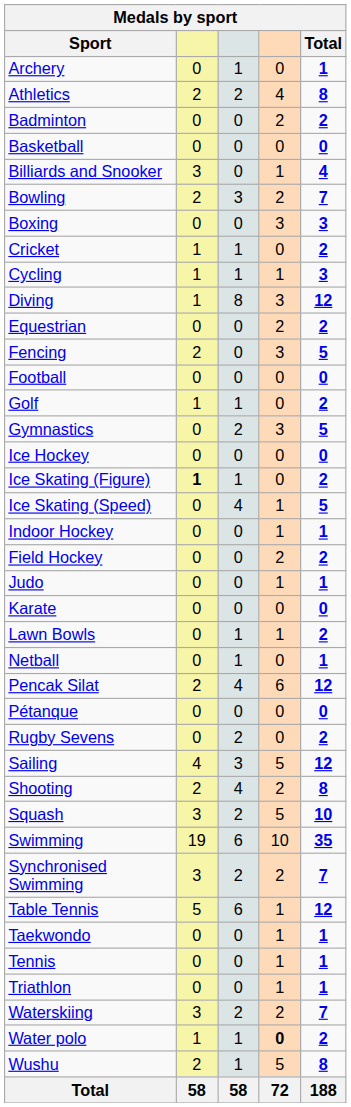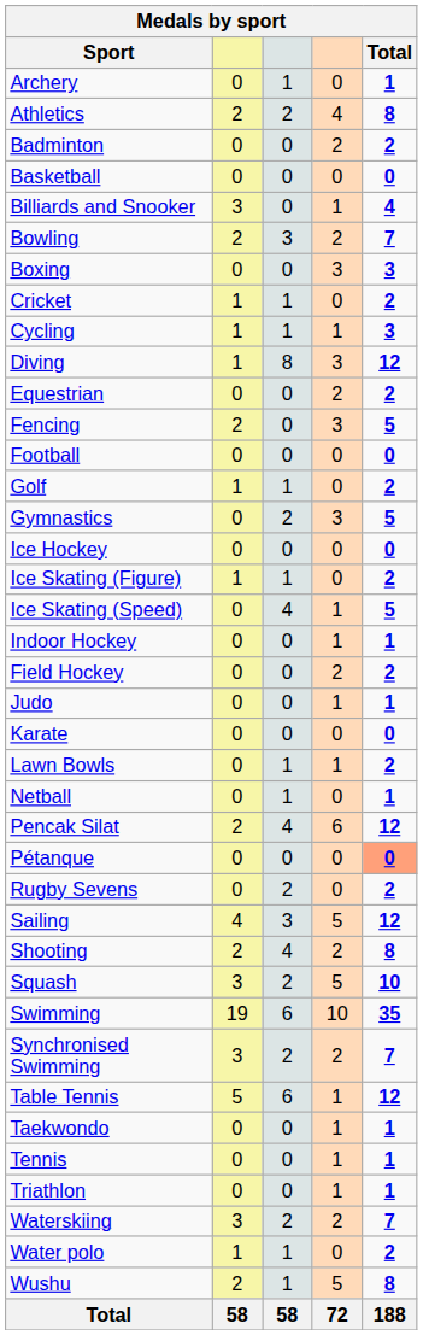 <table class="wikitable" style="font-size:90%; text-align:center;">
 <tr>
 <th colspan=5>Medals by sport</th>
 </tr>
 <tr>
 <th width=145>Sport</th>
 <th width=30 style="background:#F7F6A8;"></th>
 <th width=30 style="background:#DCE5E5;"></th>
 <th width=30 style="background:#FFDAB9;"></th>
 <th width=30>Total</th>
 </tr>
 <tr>
 <td align=left><a href='#'>Archery</a></td>
 <td style="background:#F7F6A8;">0</td>
 <td style="background:#DCE5E5;">1</td>
 <td style="background:#FFDAB9;">0</td>
 <td><strong> <a href='#'>1</a>  </strong></td>
 </tr>
 <tr>
 <td align=left><a href='#'>Athletics</a></td>
 <td style="background:#F7F6A8;">2</td>
 <td style="background:#DCE5E5;">2</td>
 <td style="background:#FFDAB9;">4</td>
 <td><strong> <a href='#'>8</a>  </strong></td>
 </tr>
 <tr>
 <td align=left><a href='#'>Badminton</a></td>
 <td style="background:#F7F6A8;">0</td>
 <td style="background:#DCE5E5;">0</td>
 <td style="background:#FFDAB9;">2</td>
 <td><strong> <a href='#'>2</a>  </strong></td>
 </tr>
 <tr>
 <td align=left><a href='#'>Basketball</a></td>
 <td style="background:#F7F6A8;">0</td>
 <td style="background:#DCE5E5;">0</td>
 <td style="background:#FFDAB9;">0</td>
 <td><strong> <a href='#'>0</a>  </strong></td>
 </tr>
 <tr>
 <td align=left><a href='#'>Billiards and Snooker</a></td>
 <td style="background:#F7F6A8;">3</td>
 <td style="background:#DCE5E5;">0</td>
 <td style="background:#FFDAB9;">1</td>
 <td><strong> <a href='#'>4</a>  </strong></td>
 </tr>
 <tr>
 <td align=left><a href='#'>Bowling</a></td>
 <td style="background:#F7F6A8;">2</td>
 <td style="background:#DCE5E5;">3</td>
 <td style="background:#FFDAB9;">2</td>
 <td><strong> <a href='#'>7</a>  </strong></td>
 </tr>
 <tr>
 <td align=left><a href='#'>Boxing</a></td>
 <td style="background:#F7F6A8;">0</td>
 <td style="background:#DCE5E5;">0</td>
 <td style="background:#FFDAB9;">3</td>
 <td><strong> <a href='#'>3</a>  </strong></td>
 </tr>
 <tr>
 <td align=left><a href='#'>Cricket</a></td>
 <td style="background:#F7F6A8;">1</td>
 <td style="background:#DCE5E5;">1</td>
 <td style="background:#FFDAB9;">0</td>
 <td><strong> <a href='#'>2</a>  </strong></td>
 </tr>
 <tr>
 <td align=left><a href='#'>Cycling</a></td>
 <td style="background:#F7F6A8;">1</td>
 <td style="background:#DCE5E5;">1</td>
 <td style="background:#FFDAB9;">1</td>
 <td><strong> <a href='#'>3</a>  </strong></td>
 </tr>
 <tr>
 <td align=left><a href='#'>Diving</a></td>
 <td style="background:#F7F6A8;">1</td>
 <td style="background:#DCE5E5;">8</td>
 <td style="background:#FFDAB9;">3</td>
 <td><strong> <a href='#'>12</a>  </strong></td>
 </tr>
 <tr>
 <td align=left><a href='#'>Equestrian</a></td>
 <td style="background:#F7F6A8;">0</td>
 <td style="background:#DCE5E5;">0</td>
 <td style="background:#FFDAB9;">2</td>
 <td><strong> <a href='#'>2</a>  </strong></td>
 </tr>
 <tr>
 <td align=left><a href='#'>Fencing</a></td>
 <td style="background:#F7F6A8;">2</td>
 <td style="background:#DCE5E5;">0</td>
 <td style="background:#FFDAB9;">3</td>
 <td><strong> <a href='#'>5</a>  </strong></td>
 </tr>
 <tr>
 <td align=left><a href='#'>Football</a></td>
 <td style="background:#F7F6A8;">0</td>
 <td style="background:#DCE5E5;">0</td>
 <td style="background:#FFDAB9;">0</td>
 <td><strong> <a href='#'>0</a>  </strong></td>
 </tr>
 <tr>
 <td align=left><a href='#'>Golf</a></td>
 <td style="background:#F7F6A8;">1</td>
 <td style="background:#DCE5E5;">1</td>
 <td style="background:#FFDAB9;">0</td>
 <td><strong> <a href='#'>2</a>  </strong></td>
 </tr>
 <tr>
 <td align=left><a href='#'>Gymnastics</a></td>
 <td style="background:#F7F6A8;">0</td>
 <td style="background:#DCE5E5;">2</td>
 <td style="background:#FFDAB9;">3</td>
 <td><strong> <a href='#'>5</a>  </strong></td>
 </tr>
 <tr>
 <td align=left><a href='#'>Ice Hockey</a></td>
 <td style="background:#F7F6A8;">0</td>
 <td style="background:#DCE5E5;">0</td>
 <td style="background:#FFDAB9;">0</td>
 <td><strong> <a href='#'>0</a>  </strong></td>
 </tr>
 <tr>
 <td align=left><a href='#'>Ice Skating (Figure)</a></td>
-<td style="background:#F7F6A8;"><strong>1</strong></td>
+<td style="background:#F7F6A8;">1</td>
 <td style="background:#DCE5E5;">1</td>
 <td style="background:#FFDAB9;">0</td>
 <td><strong> <a href='#'>2</a>  </strong></td>
 </tr>
 <tr>
 <td align=left><a href='#'>Ice Skating (Speed)</a></td>
 <td style="background:#F7F6A8;">0</td>
 <td style="background:#DCE5E5;">4</td>
 <td style="background:#FFDAB9;">1</td>
 <td><strong> <a href='#'>5</a>  </strong></td>
 </tr>
 <tr>
 <td align=left><a href='#'>Indoor Hockey</a></td>
 <td style="background:#F7F6A8;">0</td>
 <td style="background:#DCE5E5;">0</td>
 <td style="background:#FFDAB9;">1</td>
 <td><strong> <a href='#'>1</a>  </strong></td>
 </tr>
 <tr>
 <td align=left><a href='#'>Field Hockey</a></td>
 <td style="background:#F7F6A8;">0</td>
 <td style="background:#DCE5E5;">0</td>
 <td style="background:#FFDAB9;">2</td>
 <td><strong> <a href='#'>2</a>  </strong></td>
 </tr>
 <tr>
 <td align=left><a href='#'>Judo</a></td>
 <td style="background:#F7F6A8;">0</td>
 <td style="background:#DCE5E5;">0</td>
 <td style="background:#FFDAB9;">1</td>
 <td><strong> <a href='#'>1</a>  </strong></td>
 </tr>
 <tr>
 <td align=left><a href='#'>Karate</a></td>
 <td style="background:#F7F6A8;">0</td>
 <td style="background:#DCE5E5;">0</td>
 <td style="background:#FFDAB9;">0</td>
 <td><strong> <a href='#'>0</a>  </strong></td>
 </tr>
 <tr>
 <td align=left><a href='#'>Lawn Bowls</a></td>
 <td style="background:#F7F6A8;">0</td>
 <td style="background:#DCE5E5;">1</td>
 <td style="background:#FFDAB9;">1</td>
 <td><strong> <a href='#'>2</a>  </strong></td>
 </tr>
 <tr>
 <td align=left><a href='#'>Netball</a></td>
 <td style="background:#F7F6A8;">0</td>
 <td style="background:#DCE5E5;">1</td>
 <td style="background:#FFDAB9;">0</td>
 <td><strong> <a href='#'>1</a>  </strong></td>
 </tr>
 <tr>
 <td align=left><a href='#'>Pencak Silat</a></td>
 <td style="background:#F7F6A8;">2</td>
 <td style="background:#DCE5E5;">4</td>
 <td style="background:#FFDAB9;">6</td>
 <td><strong> <a href='#'>12</a>  </strong></td>
 </tr>
 <tr>
 <td align=left><a href='#'>Pétanque</a></td>
 <td style="background:#F7F6A8;">0</td>
 <td style="background:#DCE5E5;">0</td>
 <td style="background:#FFDAB9;">0</td>
-<td><strong> <a href='#'>0</a>  </strong></td>
+<td style="background: lightsalmon;"><strong> <a href='#'>0</a>  </strong></td>
 </tr>
 <tr>
 <td align=left><a href='#'>Rugby Sevens</a></td>
 <td style="background:#F7F6A8;">0</td>
 <td style="background:#DCE5E5;">2</td>
 <td style="background:#FFDAB9;">0</td>
 <td><strong> <a href='#'>2</a>  </strong></td>
 </tr>
 <tr>
 <td align=left><a href='#'>Sailing</a></td>
 <td style="background:#F7F6A8;">4</td>
 <td style="background:#DCE5E5;">3</td>
 <td style="background:#FFDAB9;">5</td>
 <td><strong> <a href='#'>12</a>  </strong></td>
 </tr>
 <tr>
 <td align=left><a href='#'>Shooting</a></td>
 <td style="background:#F7F6A8;">2</td>
 <td style="background:#DCE5E5;">4</td>
 <td style="background:#FFDAB9;">2</td>
 <td><strong> <a href='#'>8</a>  </strong></td>
 </tr>
 <tr>
 <td align=left><a href='#'>Squash</a></td>
 <td style="background:#F7F6A8;">3</td>
 <td style="background:#DCE5E5;">2</td>
 <td style="background:#FFDAB9;">5</td>
 <td><strong> <a href='#'>10</a>  </strong></td>
 </tr>
 <tr>
 <td align=left><a href='#'>Swimming</a></td>
 <td style="background:#F7F6A8;">19</td>
 <td style="background:#DCE5E5;">6</td>
 <td style="background:#FFDAB9;">10</td>
 <td><strong> <a href='#'>35</a>  </strong></td>
 </tr>
 <tr>
 <td align=left><a href='#'>Synchronised Swimming</a></td>
 <td style="background:#F7F6A8;">3</td>
 <td style="background:#DCE5E5;">2</td>
 <td style="background:#FFDAB9;">2</td>
 <td><strong> <a href='#'>7</a>  </strong></td>
 </tr>
 <tr>
 <td align=left><a href='#'>Table Tennis</a></td>
 <td style="background:#F7F6A8;">5</td>
 <td style="background:#DCE5E5;">6</td>
 <td style="background:#FFDAB9;">1</td>
 <td><strong> <a href='#'>12</a>  </strong></td>
 </tr>
 <tr>
 <td align=left><a href='#'>Taekwondo</a></td>
 <td style="background:#F7F6A8;">0</td>
 <td style="background:#DCE5E5;">0</td>
 <td style="background:#FFDAB9;">1</td>
 <td><strong> <a href='#'>1</a>  </strong></td>
 </tr>
 <tr>
 <td align=left><a href='#'>Tennis</a></td>
 <td style="background:#F7F6A8;">0</td>
 <td style="background:#DCE5E5;">0</td>
 <td style="background:#FFDAB9;">1</td>
 <td><strong> <a href='#'>1</a>  </strong></td>
 </tr>
 <tr>
 <td align=left><a href='#'>Triathlon</a></td>
 <td style="background:#F7F6A8;">0</td>
 <td style="background:#DCE5E5;">0</td>
 <td style="background:#FFDAB9;">1</td>
 <td><strong> <a href='#'>1</a>  </strong></td>
 </tr>
 <tr>
 <td align=left><a href='#'>Waterskiing</a></td>
 <td style="background:#F7F6A8;">3</td>
 <td style="background:#DCE5E5;">2</td>
 <td style="background:#FFDAB9;">2</td>
 <td><strong> <a href='#'>7</a>  </strong></td>
 </tr>
 <tr>
 <td align=left><a href='#'>Water polo</a></td>
 <td style="background:#F7F6A8;">1</td>
 <td style="background:#DCE5E5;">1</td>
-<td style="background:#FFDAB9;"><strong>0</strong></td>
+<td style="background:#FFDAB9;">0</td>
 <td><strong> <a href='#'>2</a>  </strong></td>
 </tr>
 <tr>
 <td align=left><a href='#'>Wushu</a></td>
 <td style="background:#F7F6A8;">2</td>
 <td style="background:#DCE5E5;">1</td>
 <td style="background:#FFDAB9;">5</td>
 <td><strong> <a href='#'>8</a>  </strong></td>
 </tr>
 <tr class="sortbottom">
 <th>Total</th>
 <th>58</th>
 <th>58</th>
 <th>72</th>
 <th>188</th>
 </tr>
 </table>
